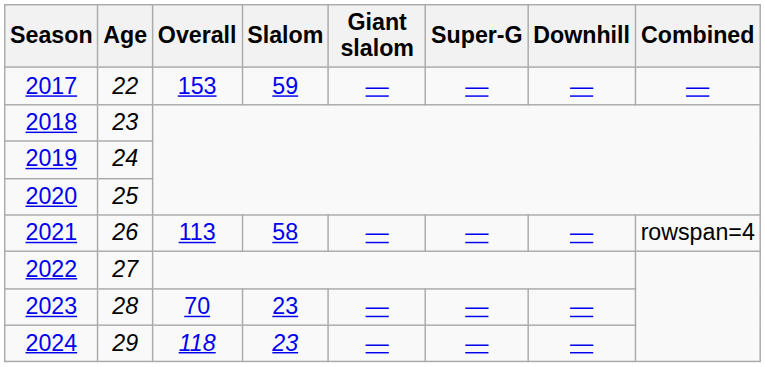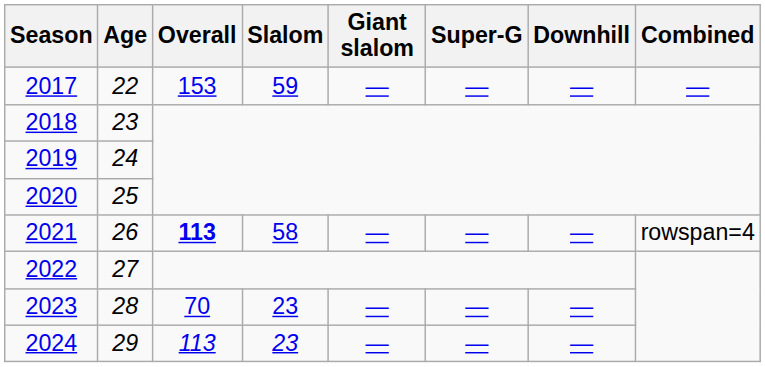 <table class="wikitable" style="text-align:center; font-size:100%;">
 <tr>
 <th>Season</th>
 <th>Age</th>
 <th>Overall</th>
 <th>Slalom</th>
 <th>Giant<br> slalom </th>
 <th>Super-G</th>
 <th>Downhill</th>
 <th>Combined</th>
 </tr>
 <tr>
 <td><a href='#'>2017</a></td>
 <td><em>22</em></td>
 <td><a href='#'>153</a></td>
 <td><a href='#'>59</a></td>
 <td><a href='#'>—</a></td>
 <td><a href='#'>—</a></td>
 <td><a href='#'>—</a></td>
 <td><a href='#'>—</a></td>
 </tr>
 <tr>
 <td><a href='#'>2018</a></td>
 <td><em>23</em></td>
 <td colspan=6 rowspan=3></td>
 </tr>
 <tr>
 <td><a href='#'>2019</a></td>
 <td><em>24</em></td>
 </tr>
 <tr>
 <td><a href='#'>2020</a></td>
 <td><em>25</em></td>
 </tr>
 <tr>
 <td><a href='#'>2021</a></td>
 <td><em>26</em></td>
-<td><a href='#'>113</a></td>
+<td><strong><a href='#'>113</a></strong></td>
 <td><a href='#'>58</a></td>
 <td><a href='#'>—</a></td>
 <td><a href='#'>—</a></td>
 <td><a href='#'>—</a></td>
 <td>rowspan=4 </td>
 </tr>
 <tr>
 <td><a href='#'>2022</a></td>
 <td><em>27</em></td>
 <td colspan=5></td>
 </tr>
 <tr>
 <td><a href='#'>2023</a></td>
 <td><em>28</em></td>
 <td><a href='#'>70</a></td>
 <td><a href='#'>23</a></td>
 <td><a href='#'>—</a></td>
 <td><a href='#'>—</a></td>
 <td><a href='#'>—</a></td>
 </tr>
 <tr>
 <td><a href='#'>2024</a></td>
 <td><em>29</em></td>
-<td><a href='#'><em>118</em></a></td>
+<td><a href='#'><em>113</em></a></td>
 <td><a href='#'><em>23</em></a></td>
 <td><a href='#'>—</a></td>
 <td><a href='#'>—</a></td>
 <td><a href='#'>—</a></td>
 </tr>
 </table>
